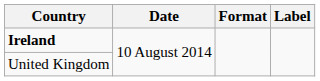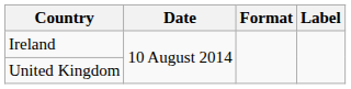 <table class="wikitable sortable">
 <tr>
 <th>Country</th>
 <th>Date</th>
 <th>Format</th>
 <th>Label</th>
 </tr>
 <tr>
-<td><strong>Ireland</strong></td>
+<td>Ireland</td>
 <td rowspan="2">10 August 2014</td>
 <td rowspan="2"></td>
 <td rowspan="2"></td>
 </tr>
 <tr>
 <td>United Kingdom</td>
 </tr>
 </table>
